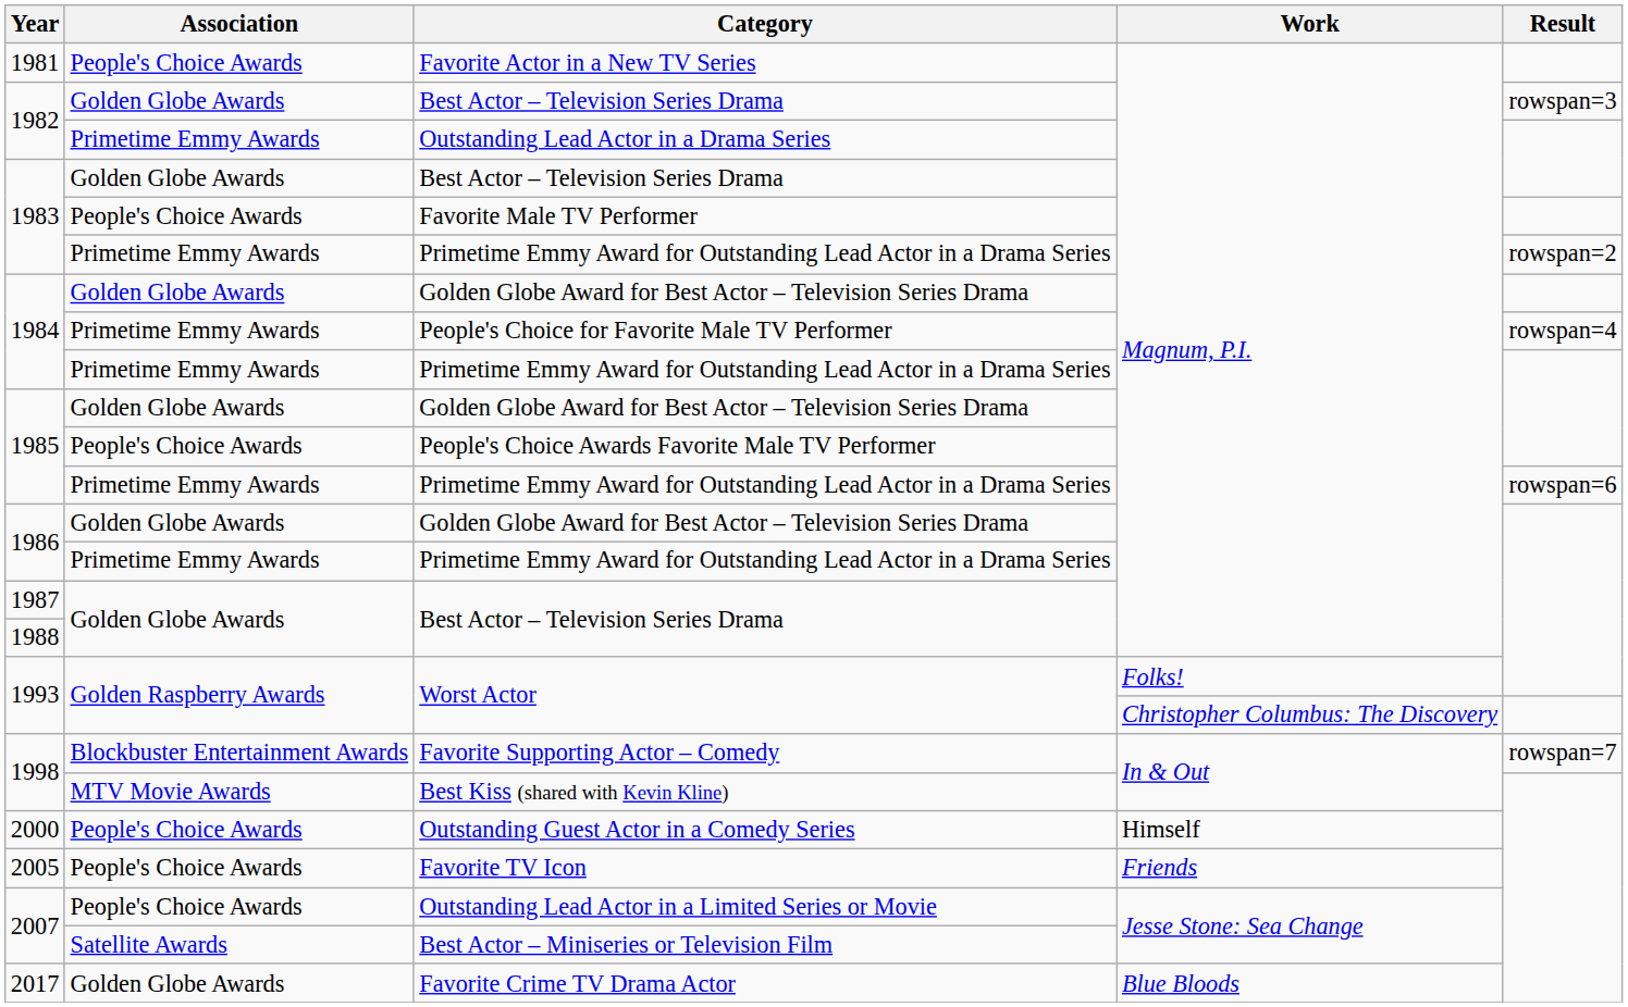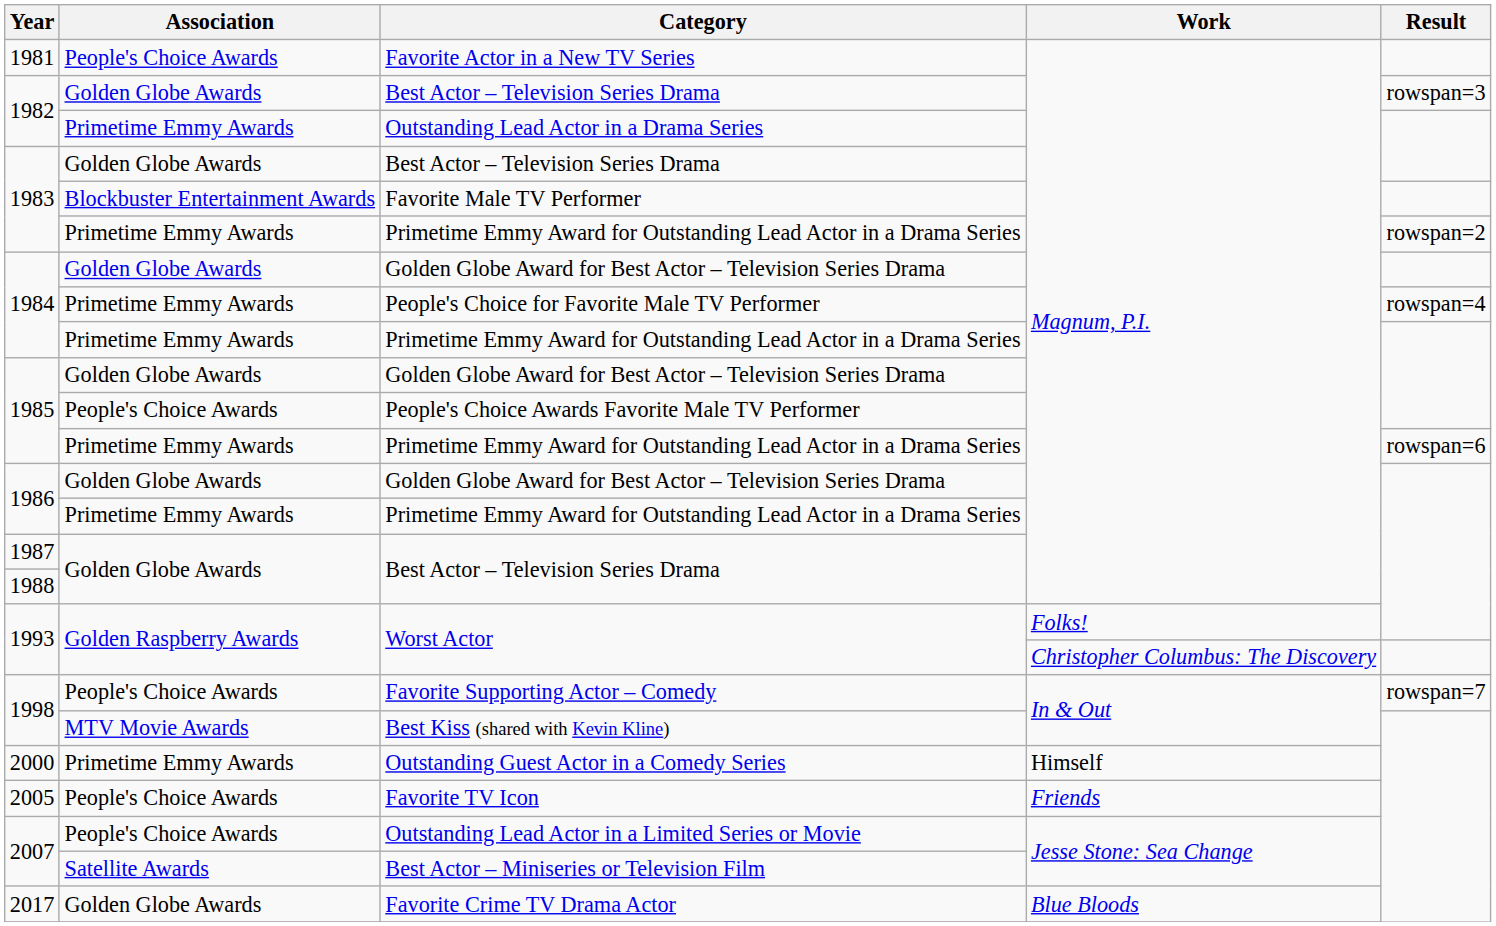 <table class="wikitable sortable">
 <tr>
 <th>Year</th>
 <th>Association</th>
 <th>Category</th>
 <th>Work</th>
 <th>Result</th>
 </tr>
 <tr>
 <td>1981</td>
 <td><a href='#'>People's Choice Awards</a></td>
 <td><a href='#'>Favorite Actor in a New TV Series</a></td>
 <td rowspan=16><em><a href='#'>Magnum, P.I.</a></em></td>
 <td></td>
 </tr>
 <tr>
 <td rowspan=2>1982</td>
 <td><a href='#'>Golden Globe Awards</a></td>
 <td><a href='#'>Best Actor – Television Series Drama</a></td>
 <td>rowspan=3 </td>
 </tr>
 <tr>
 <td><a href='#'>Primetime Emmy Awards</a></td>
 <td><a href='#'>Outstanding Lead Actor in a Drama Series</a></td>
 </tr>
 <tr>
 <td rowspan=3>1983</td>
 <td>Golden Globe Awards</td>
 <td Golden Globe Award for Best Actor – Television Series Drama>Best Actor – Television Series Drama</td>
 </tr>
 <tr>
-<td>People's Choice Awards</td>
+<td><a href='#'>Blockbuster Entertainment Awards</a></td>
 <td People's Choice Awards>Favorite Male TV Performer</td>
 <td></td>
 </tr>
 <tr>
 <td>Primetime Emmy Awards</td>
 <td>Primetime Emmy Award for Outstanding Lead Actor in a Drama Series</td>
 <td>rowspan=2 </td>
 </tr>
 <tr>
 <td rowspan=3>1984</td>
 <td><a href='#'>Golden Globe Awards</a></td>
 <td>Golden Globe Award for Best Actor – Television Series Drama</td>
 </tr>
 <tr>
 <td>Primetime Emmy Awards</td>
 <td>People's Choice for Favorite Male TV Performer</td>
 <td>rowspan=4 </td>
 </tr>
 <tr>
 <td>Primetime Emmy Awards</td>
 <td>Primetime Emmy Award for Outstanding Lead Actor in a Drama Series</td>
 </tr>
 <tr>
 <td rowspan=3>1985</td>
 <td>Golden Globe Awards</td>
 <td>Golden Globe Award for Best Actor – Television Series Drama</td>
 </tr>
 <tr>
 <td>People's Choice Awards</td>
 <td>People's Choice Awards Favorite Male TV Performer</td>
 </tr>
 <tr>
 <td>Primetime Emmy Awards</td>
 <td>Primetime Emmy Award for Outstanding Lead Actor in a Drama Series</td>
 <td>rowspan=6 </td>
 </tr>
 <tr>
 <td rowspan=2>1986</td>
 <td>Golden Globe Awards</td>
 <td>Golden Globe Award for Best Actor – Television Series Drama</td>
 </tr>
 <tr>
 <td>Primetime Emmy Awards</td>
 <td>Primetime Emmy Award for Outstanding Lead Actor in a Drama Series</td>
 </tr>
 <tr>
 <td>1987</td>
 <td rowspan=2>Golden Globe Awards</td>
 <td rowspan=2>Best Actor – Television Series Drama</td>
 </tr>
 <tr>
 <td>1988</td>
 </tr>
 <tr>
 <td rowspan=2>1993</td>
 <td rowspan=2><a href='#'>Golden Raspberry Awards</a></td>
 <td rowspan=2><a href='#'>Worst Actor</a></td>
 <td><em><a href='#'>Folks!</a></em></td>
 </tr>
 <tr>
 <td><em><a href='#'>Christopher Columbus: The Discovery</a></em></td>
 <td></td>
 </tr>
 <tr>
 <td rowspan=2>1998</td>
-<td><a href='#'>Blockbuster Entertainment Awards</a></td>
+<td>People's Choice Awards</td>
 <td><a href='#'>Favorite Supporting Actor – Comedy</a></td>
 <td rowspan=2><em><a href='#'>In & Out</a></em></td>
 <td>rowspan=7 </td>
 </tr>
 <tr>
 <td><a href='#'>MTV Movie Awards</a></td>
 <td><a href='#'>Best Kiss</a> <small>(shared with <a href='#'>Kevin Kline</a>)</small></td>
 </tr>
 <tr>
 <td>2000</td>
-<td><a href='#'>People's Choice Awards</a></td>
+<td>Primetime Emmy Awards</td>
 <td><a href='#'>Outstanding Guest Actor in a Comedy Series</a></td>
 <td>Himself</td>
 </tr>
 <tr>
 <td>2005</td>
 <td>People's Choice Awards</td>
 <td><a href='#'>Favorite TV Icon</a></td>
 <td><em><a href='#'>Friends</a></em></td>
 </tr>
 <tr>
 <td rowspan=2>2007</td>
 <td>People's Choice Awards</td>
 <td><a href='#'>Outstanding Lead Actor in a Limited Series or Movie</a></td>
 <td rowspan=2><em><a href='#'>Jesse Stone: Sea Change</a></em></td>
 </tr>
 <tr>
 <td><a href='#'>Satellite Awards</a></td>
 <td><a href='#'>Best Actor – Miniseries or Television Film</a></td>
 </tr>
 <tr>
 <td>2017</td>
 <td>Golden Globe Awards</td>
 <td><a href='#'>Favorite Crime TV Drama Actor</a></td>
 <td><em><a href='#'>Blue Bloods</a></em></td>
 </tr>
 <tr>
 </tr>
 </table>
